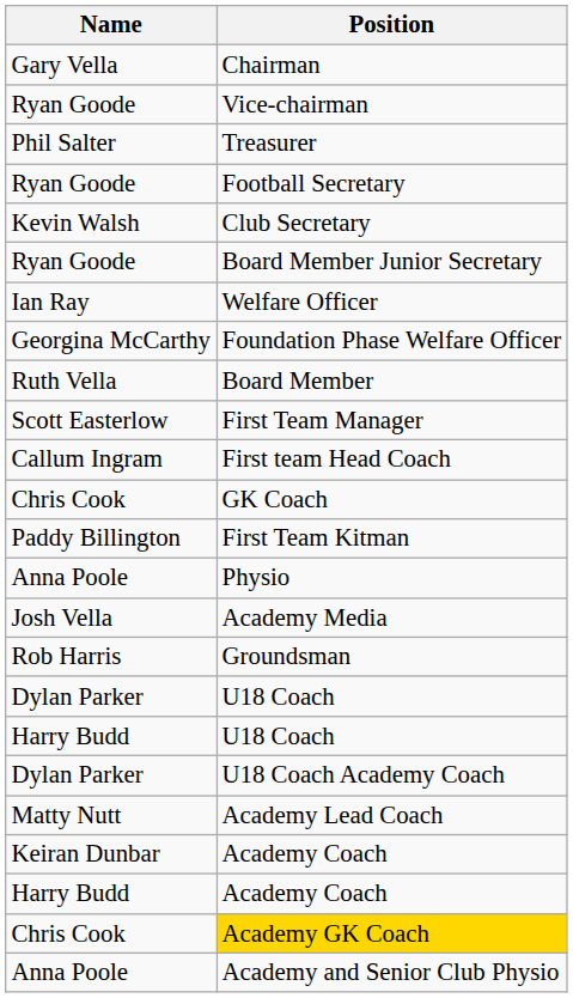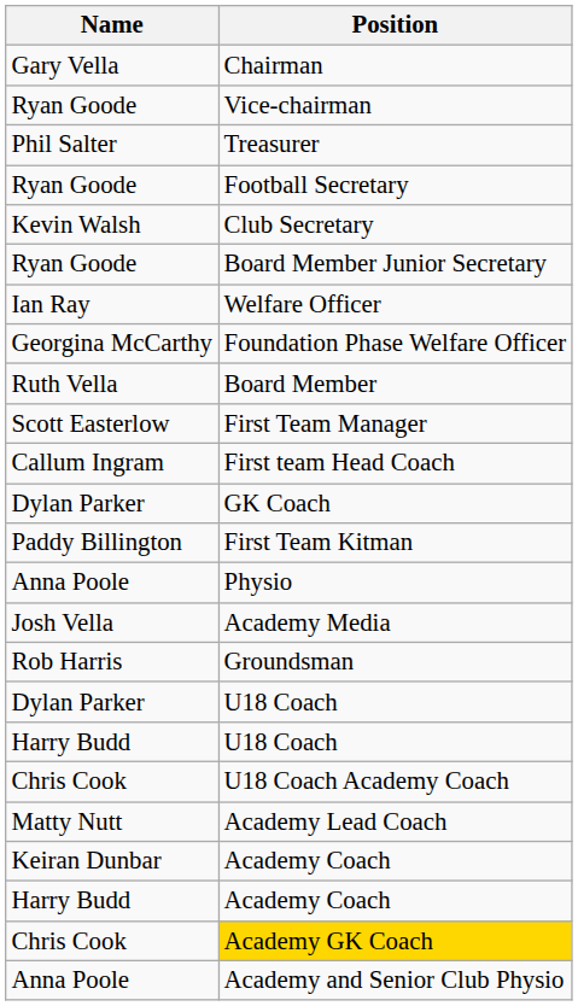 <table class="wikitable">
 <tr>
 <th>Name</th>
 <th>Position</th>
 </tr>
 <tr>
 <td>Gary Vella</td>
 <td>Chairman</td>
 </tr>
 <tr>
 <td>Ryan Goode</td>
 <td>Vice-chairman</td>
 </tr>
 <tr>
 <td>Phil Salter</td>
 <td>Treasurer</td>
 </tr>
 <tr>
 <td>Ryan Goode</td>
 <td>Football Secretary</td>
 </tr>
 <tr>
 <td>Kevin Walsh</td>
 <td>Club Secretary</td>
 </tr>
 <tr>
 <td>Ryan Goode</td>
 <td>Board Member Junior Secretary</td>
 </tr>
 <tr>
 <td>Ian Ray</td>
 <td>Welfare Officer</td>
 </tr>
 <tr>
 <td>Georgina McCarthy</td>
 <td>Foundation Phase Welfare Officer</td>
 </tr>
 <tr>
 <td>Ruth Vella</td>
 <td>Board Member</td>
 </tr>
 <tr>
 <td>Scott Easterlow</td>
 <td>First Team Manager</td>
 </tr>
 <tr>
 <td>Callum Ingram</td>
 <td>First team Head Coach</td>
 </tr>
 <tr>
-<td>Chris Cook</td>
+<td>Dylan Parker</td>
 <td>GK Coach</td>
 </tr>
 <tr>
 <td>Paddy Billington</td>
 <td>First Team Kitman</td>
 </tr>
 <tr>
 <td>Anna Poole</td>
 <td>Physio</td>
 </tr>
 <tr>
 <td>Josh Vella</td>
 <td>Academy Media</td>
 </tr>
 <tr>
 <td>Rob Harris</td>
 <td>Groundsman</td>
 </tr>
 <tr>
 <td>Dylan Parker</td>
 <td>U18 Coach</td>
 </tr>
 <tr>
 <td>Harry Budd</td>
 <td>U18 Coach</td>
 </tr>
 <tr>
-<td>Dylan Parker</td>
+<td>Chris Cook</td>
 <td>U18 Coach Academy Coach</td>
 </tr>
 <tr>
 <td>Matty Nutt</td>
 <td>Academy Lead Coach</td>
 </tr>
 <tr>
 <td>Keiran Dunbar</td>
 <td>Academy Coach</td>
 </tr>
 <tr>
 <td>Harry Budd</td>
 <td>Academy Coach</td>
 </tr>
 <tr>
 <td>Chris Cook</td>
 <td style="background: gold;">Academy GK Coach</td>
 </tr>
 <tr>
 <td>Anna Poole</td>
 <td>Academy and Senior Club Physio</td>
 </tr>
 </table>
